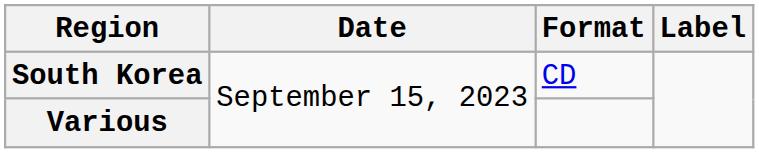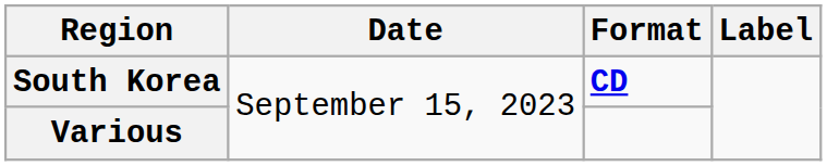 <table class="wikitable plainrowheaders">
 <tr>
 <th scope="col">Region</th>
 <th scope="col">Date</th>
 <th scope="col">Format</th>
 <th scope="col">Label</th>
 </tr>
 <tr>
 <th scope="row">South Korea</th>
 <td rowspan="2">September 15, 2023</td>
-<td><a href='#'>CD</a></td>
+<td><strong><a href='#'>CD</a></strong></td>
 <td rowspan="2"></td>
 </tr>
 <tr>
 <th scope="row">Various </th>
 <td></td>
 </tr>
 </table>
